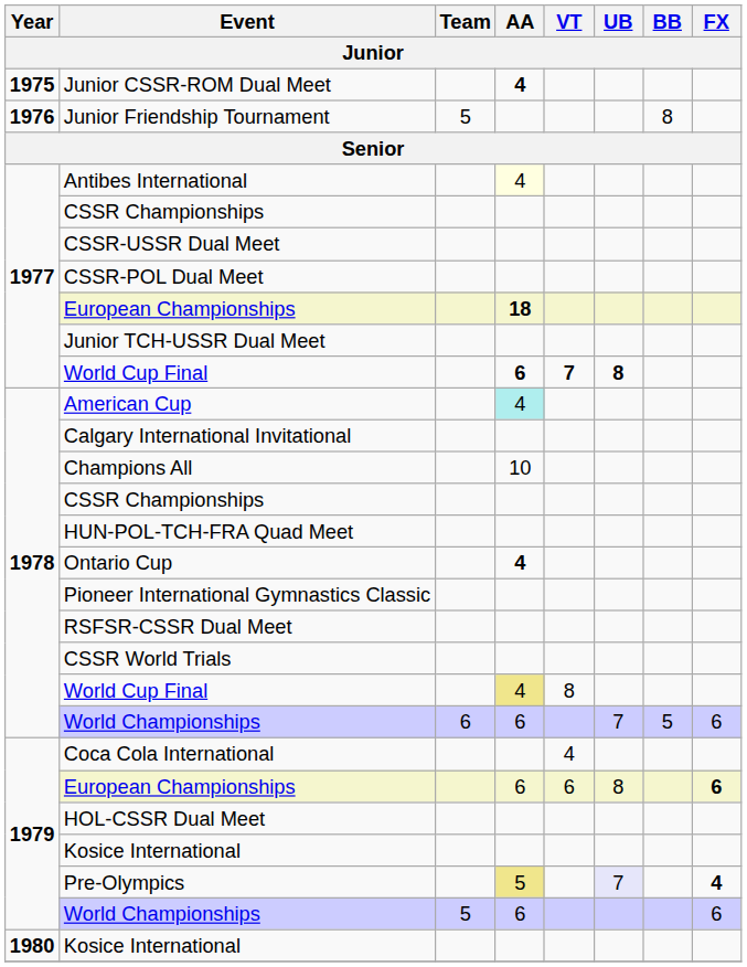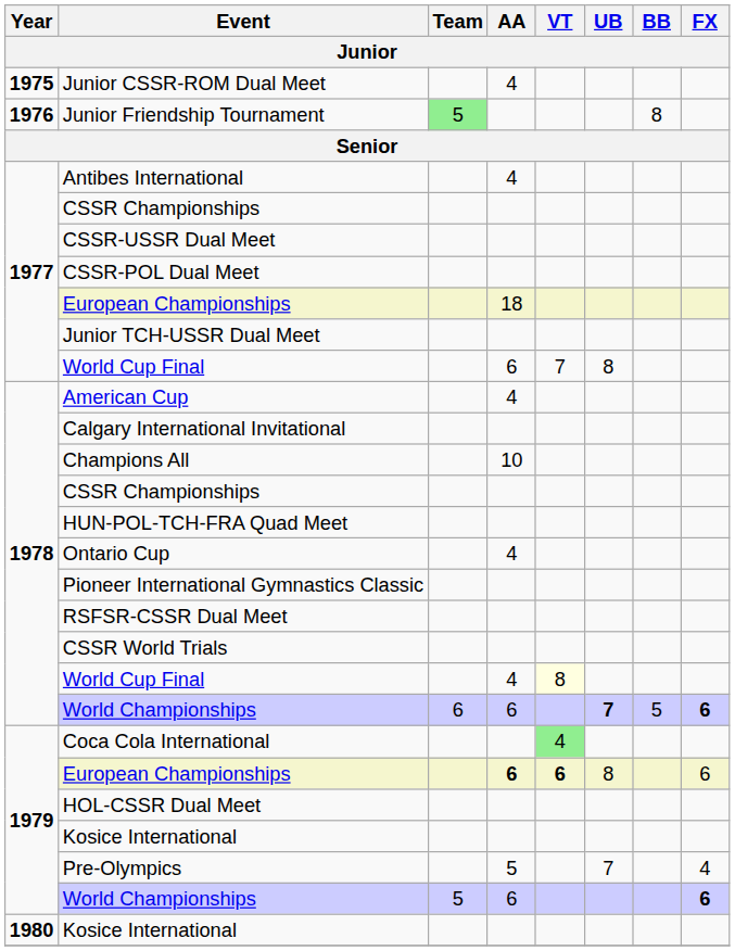 <table class="wikitable" style="text-align:center; font-size:95%;">
 <tr>
 <th align=center>Year</th>
 <th align=center>Event</th>
 <th style="width:30px;">Team</th>
 <th style="width:30px;">AA</th>
 <th style="width:30px;"><a href='#'>VT</a></th>
 <th style="width:30px;"><a href='#'>UB</a></th>
 <th style="width:30px;"><a href='#'>BB</a></th>
 <th style="width:30px;"><a href='#'>FX</a></th>
 </tr>
 <tr>
 <th colspan="8"><strong>Junior</strong></th>
 </tr>
 <tr>
 <td rowspan="1"><strong>1975</strong></td>
 <td align=left>Junior CSSR-ROM Dual Meet</td>
 <td></td>
-<td><strong>4</strong></td>
+<td>4</td>
 <td></td>
 <td></td>
 <td></td>
 <td></td>
 </tr>
 <tr>
 <td rowspan="1"><strong>1976</strong></td>
 <td align=left>Junior Friendship Tournament</td>
-<td>5</td>
+<td style="background: lightgreen;">5</td>
 <td></td>
 <td></td>
 <td></td>
 <td>8</td>
 <td></td>
 </tr>
 <tr>
 <th colspan="8"><strong>Senior</strong></th>
 </tr>
 <tr>
 <td rowspan="7"><strong>1977</strong></td>
 <td align=left>Antibes International</td>
 <td></td>
-<td style="background: lightyellow;">4</td>
+<td>4</td>
 <td></td>
 <td></td>
 <td></td>
 <td></td>
 </tr>
 <tr>
 <td align=left>CSSR Championships</td>
 <td></td>
 <td></td>
 <td></td>
 <td></td>
 <td></td>
 <td></td>
 </tr>
 <tr>
 <td align=left>CSSR-USSR Dual Meet</td>
 <td></td>
 <td></td>
 <td></td>
 <td></td>
 <td></td>
 <td></td>
 </tr>
 <tr>
 <td align=left>CSSR-POL Dual Meet</td>
 <td></td>
 <td></td>
 <td></td>
 <td></td>
 <td></td>
 <td></td>
 </tr>
 <tr bgcolor=#F5F6CE>
 <td align=left><a href='#'>European Championships</a></td>
 <td></td>
-<td><strong>18</strong></td>
+<td>18</td>
 <td></td>
 <td></td>
 <td></td>
 <td></td>
 </tr>
 <tr>
 <td align=left>Junior TCH-USSR Dual Meet</td>
 <td></td>
 <td></td>
 <td></td>
 <td></td>
 <td></td>
 <td></td>
 </tr>
 <tr>
 <td align=left><a href='#'>World Cup Final</a></td>
 <td></td>
-<td><strong>6</strong></td>
-<td><strong>7</strong></td>
-<td><strong>8</strong></td>
+<td>6</td>
+<td>7</td>
+<td>8</td>
 <td></td>
 <td></td>
 </tr>
 <tr>
 <td rowspan="11"><strong>1978</strong></td>
 <td align=left><a href='#'>American Cup</a></td>
 <td></td>
-<td style="background: paleturquoise;">4</td>
+<td>4</td>
 <td></td>
 <td></td>
 <td></td>
 <td></td>
 </tr>
 <tr>
 <td align=left>Calgary International Invitational</td>
 <td></td>
 <td></td>
 <td></td>
 <td></td>
 <td></td>
 <td></td>
 </tr>
 <tr>
 <td align=left>Champions All</td>
 <td></td>
 <td>10</td>
 <td></td>
 <td></td>
 <td></td>
 <td></td>
 </tr>
 <tr>
 <td align=left>CSSR Championships</td>
 <td></td>
 <td></td>
 <td></td>
 <td></td>
 <td></td>
 <td></td>
 </tr>
 <tr>
 <td align=left>HUN-POL-TCH-FRA Quad Meet</td>
 <td></td>
 <td></td>
 <td></td>
 <td></td>
 <td></td>
 <td></td>
 </tr>
 <tr>
 <td align=left>Ontario Cup</td>
 <td></td>
-<td><strong>4</strong></td>
+<td>4</td>
 <td></td>
 <td></td>
 <td></td>
 <td></td>
 </tr>
 <tr>
 <td align=left>Pioneer International Gymnastics Classic</td>
 <td></td>
 <td></td>
 <td></td>
 <td></td>
 <td></td>
 <td></td>
 </tr>
 <tr>
 <td align=left>RSFSR-CSSR Dual Meet</td>
 <td></td>
 <td></td>
 <td></td>
 <td></td>
 <td></td>
 <td></td>
 </tr>
 <tr>
 <td align=left>CSSR World Trials</td>
 <td></td>
 <td></td>
 <td></td>
 <td></td>
 <td></td>
 <td></td>
 </tr>
 <tr>
 <td align=left><a href='#'>World Cup Final</a></td>
 <td></td>
-<td style="background: khaki;">4</td>
-<td>8</td>
+<td>4</td>
+<td style="background: lightyellow;">8</td>
 <td></td>
 <td></td>
 <td></td>
 </tr>
 <tr bgcolor=#CCCCFF>
 <td align=left><a href='#'>World Championships</a></td>
 <td>6</td>
 <td>6</td>
 <td></td>
-<td>7</td>
+<td><strong>7</strong></td>
 <td>5</td>
-<td>6</td>
+<td><strong>6</strong></td>
 </tr>
 <tr>
 <td rowspan="6"><strong>1979</strong></td>
 <td align=left>Coca Cola International</td>
 <td></td>
 <td></td>
-<td>4</td>
+<td style="background: lightgreen;">4</td>
 <td></td>
 <td></td>
 <td></td>
 </tr>
 <tr bgcolor=#F5F6CE>
 <td align=left><a href='#'>European Championships</a></td>
 <td></td>
-<td>6</td>
-<td>6</td>
+<td><strong>6</strong></td>
+<td><strong>6</strong></td>
 <td>8</td>
 <td></td>
-<td><strong>6</strong></td>
+<td>6</td>
 </tr>
 <tr>
 <td align=left>HOL-CSSR Dual Meet</td>
 <td></td>
 <td></td>
 <td></td>
 <td></td>
 <td></td>
 <td></td>
 </tr>
 <tr>
 <td align=left>Kosice International</td>
 <td></td>
 <td></td>
 <td></td>
 <td></td>
 <td></td>
 <td></td>
 </tr>
 <tr>
 <td align=left>Pre-Olympics</td>
 <td></td>
-<td style="background: khaki;">5</td>
+<td>5</td>
 <td></td>
-<td style="background: lavender;">7</td>
+<td>7</td>
 <td></td>
-<td><strong>4</strong></td>
+<td>4</td>
 </tr>
 <tr bgcolor=#CCCCFF>
 <td align=left><a href='#'>World Championships</a></td>
 <td>5</td>
 <td>6</td>
 <td></td>
 <td></td>
 <td></td>
-<td>6</td>
+<td><strong>6</strong></td>
 </tr>
 <tr>
 <td rowspan="1"><strong>1980</strong></td>
 <td align=left>Kosice International</td>
 <td></td>
 <td></td>
 <td></td>
 <td></td>
 <td></td>
 <td></td>
 </tr>
 <tr>
 </tr>
 </table>
